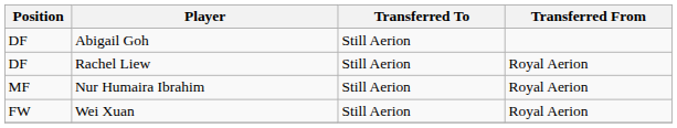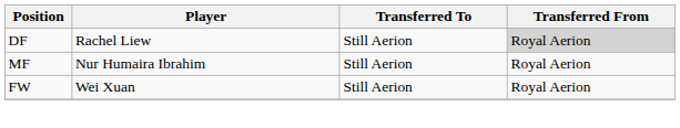 <table class="wikitable sortable" style="width:45em; text-align:center; font-size:100%; text-align:left;">
 <tr>
 <th style="width:10%;">Position</th>
 <th style="width:40%;">Player</th>
 <th style="width:25%;">Transferred To</th>
 <th style="width:25%;">Transferred From</th>
 </tr>
 <tr>
 <td>DF</td>
-<td>Abigail Goh</td>
-<td>Still Aerion</td>
-<td></td>
-</tr>
-<tr>
-<td>DF</td>
 <td>Rachel Liew</td>
 <td>Still Aerion</td>
-<td>Royal Aerion</td>
+<td style="background: lightgrey;">Royal Aerion</td>
 </tr>
 <tr>
 <td>MF</td>
 <td>Nur Humaira Ibrahim</td>
 <td>Still Aerion</td>
 <td>Royal Aerion</td>
 </tr>
 <tr>
 <td>FW</td>
 <td>Wei Xuan</td>
 <td>Still Aerion</td>
 <td>Royal Aerion</td>
 </tr>
 <tr>
 </tr>
 </table>
